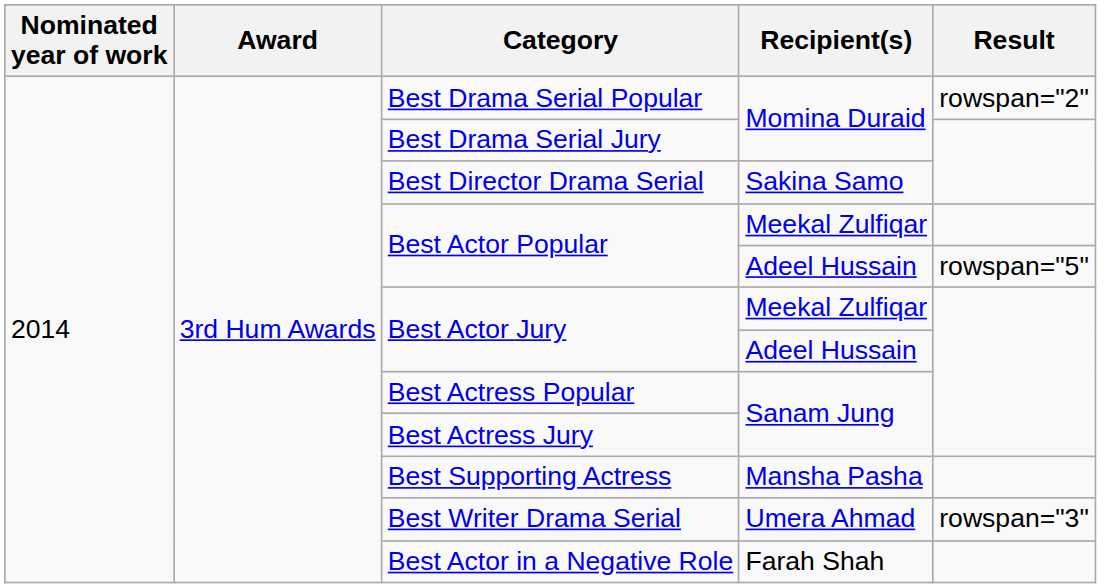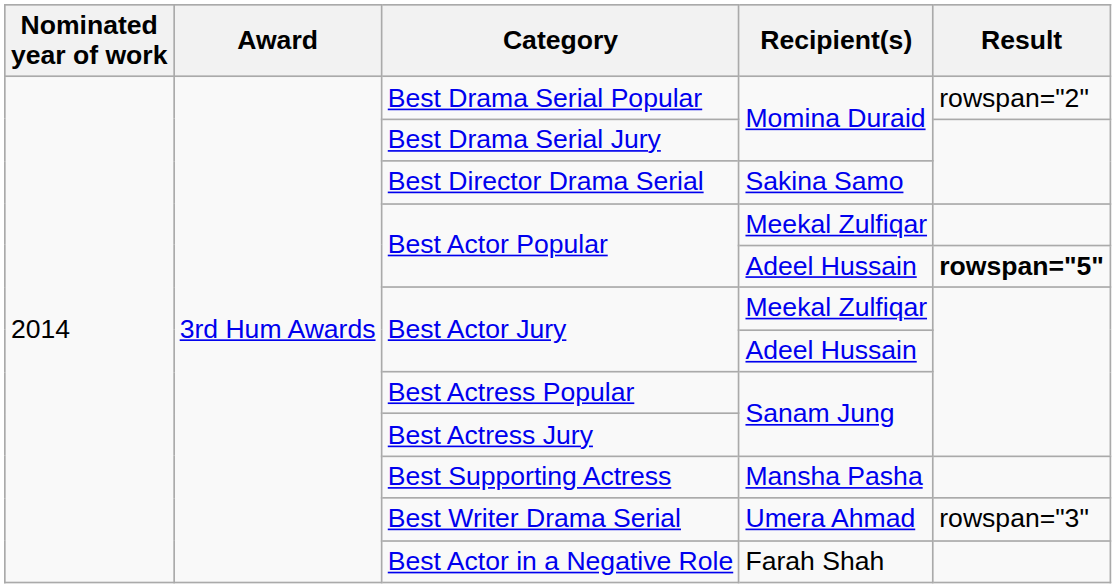 <table class="wikitable">
 <tr>
 <th>Nominated<br> year of work</th>
 <th>Award</th>
 <th>Category</th>
 <th>Recipient(s)</th>
 <th>Result</th>
 </tr>
 <tr>
 <td rowspan="12">2014</td>
 <td rowspan="12"><a href='#'>3rd Hum Awards</a></td>
 <td><a href='#'>Best Drama Serial Popular</a></td>
 <td rowspan="2"><a href='#'>Momina Duraid</a></td>
 <td>rowspan="2" </td>
 </tr>
 <tr>
 <td><a href='#'>Best Drama Serial Jury</a></td>
 </tr>
 <tr>
 <td><a href='#'>Best Director Drama Serial</a></td>
 <td><a href='#'>Sakina Samo</a></td>
 </tr>
 <tr>
 <td rowspan="2"><a href='#'>Best Actor Popular</a></td>
 <td><a href='#'>Meekal Zulfiqar</a></td>
 <td></td>
 </tr>
 <tr>
 <td><a href='#'>Adeel Hussain</a></td>
-<td>rowspan="5" </td>
+<td><strong>rowspan="5" </strong></td>
 </tr>
 <tr>
 <td rowspan="2"><a href='#'>Best Actor Jury</a></td>
 <td><a href='#'>Meekal Zulfiqar</a></td>
 </tr>
 <tr>
 <td><a href='#'>Adeel Hussain</a></td>
 </tr>
 <tr>
 <td><a href='#'>Best Actress Popular</a></td>
 <td rowspan="2"><a href='#'>Sanam Jung</a></td>
 </tr>
 <tr>
 <td><a href='#'>Best Actress Jury</a></td>
 </tr>
 <tr>
 <td><a href='#'>Best Supporting Actress</a></td>
 <td><a href='#'>Mansha Pasha</a></td>
 <td></td>
 </tr>
 <tr>
 <td><a href='#'>Best Writer Drama Serial</a></td>
 <td><a href='#'>Umera Ahmad</a></td>
 <td>rowspan="3" </td>
 </tr>
 <tr>
 <td><a href='#'>Best Actor in a Negative Role</a></td>
 <td>Farah Shah</td>
 </tr>
 </table>
